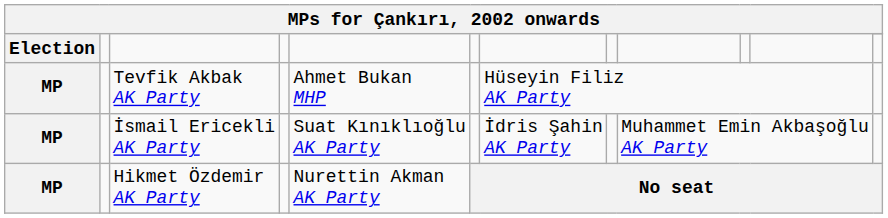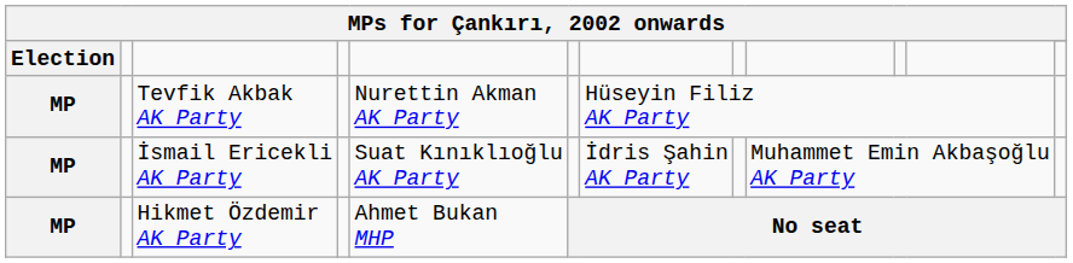 <table class="wikitable">
 <tr>
 <th colspan = 12>MPs for Çankırı, 2002 onwards</th>
 </tr>
 <tr>
 <th rowspan = 2>Election</th>
 <td rowspan="2" style="width:1px;"></td>
 <td rowspan = 2></td>
 <td rowspan="2" style="width:1px;"></td>
 <td rowspan = 2></td>
 <td rowspan="2" style="width:1px;"></td>
 <td rowspan = 2></td>
 <td rowspan="2" style="width:1px;"></td>
 <td rowspan = 2></td>
 <td rowspan="2" style="width:1px;"></td>
 <td rowspan = 2></td>
 </tr>
 <tr>
 <td></td>
 </tr>
 <tr>
 <th>MP</th>
 <td width=1px style="background-color: "></td>
 <td colspan = 1>Tevfik Akbak<br><em><a href='#'>AK Party</a></em></td>
 <td width=1px style="background-color: "></td>
-<td colspan = 1>Ahmet Bukan<br><em><a href='#'>MHP</a></em></td>
+<td colspan = 1>Nurettin Akman<br><em><a href='#'>AK Party</a></em></td>
 <td width=1px style="background-color: "></td>
 <td colspan = 5>Hüseyin Filiz<br><em><a href='#'>AK Party</a></em></td>
 <td width=1px style="background-color: "></td>
 </tr>
 <tr>
 <th>MP</th>
 <td width=1px style="background-color: "></td>
 <td colspan = 1>İsmail Ericekli<br><em><a href='#'>AK Party</a></em></td>
 <td width=1px style="background-color: "></td>
 <td colspan = 1>Suat Kınıklıoğlu<br><em><a href='#'>AK Party</a></em></td>
 <td width=1px style="background-color: "></td>
 <td colspan = 1>İdris Şahin<br><em><a href='#'>AK Party</a></em></td>
 <td width=1px style="background-color: "></td>
 <td colspan = 3>Muhammet Emin Akbaşoğlu <br><em><a href='#'>AK Party</a></em></td>
 <td width=1px style="background-color: "></td>
 </tr>
 <tr>
 <th>MP</th>
 <td width=1px style="background-color: "></td>
 <td colspan = 1>Hikmet Özdemir<br><em><a href='#'>AK Party</a></em></td>
 <td width=1px style="background-color: "></td>
-<td colspan = 1>Nurettin Akman<br><em><a href='#'>AK Party</a></em></td>
+<td colspan = 1>Ahmet Bukan<br><em><a href='#'>MHP</a></em></td>
 <th colspan = 7>No seat</th>
 </tr>
 </table>
